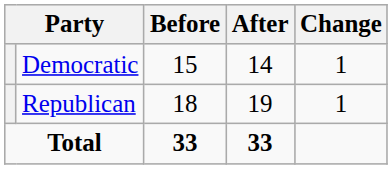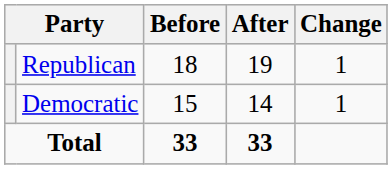 <table class="wikitable" style="text-align:center;">
 <tr>
 <th colspan="2">Party</th>
 <th>Before</th>
 <th>After</th>
 <th>Change</th>
 </tr>
 <tr>
 <th style="background-color:"></th>
-<td style="text-align:left;"><a href='#'>Democratic</a></td>
-<td>15</td>
-<td>14</td>
+<td style="text-align:left;"><a href='#'>Republican</a></td>
+<td>18</td>
+<td>19</td>
 <td> 1</td>
 </tr>
 <tr>
 <th style="background-color:"></th>
-<td style="text-align:left;"><a href='#'>Republican</a></td>
-<td>18</td>
-<td>19</td>
+<td style="text-align:left;"><a href='#'>Democratic</a></td>
+<td>15</td>
+<td>14</td>
 <td> 1</td>
 </tr>
 <tr>
 <td colspan="2"><strong>Total</strong></td>
 <td><strong>33</strong></td>
 <td><strong>33</strong></td>
 <td></td>
 </tr>
 </table>
